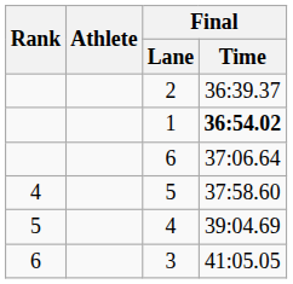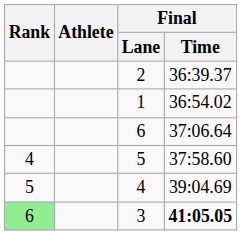 <table class="wikitable sortable"  style="text-align:center">
 <tr>
 <th rowspan="2" data-sort-type=number>Rank</th>
 <th rowspan="2">Athlete</th>
 <th colspan="2">Final</th>
 </tr>
 <tr>
 <th>Lane</th>
 <th>Time</th>
 </tr>
 <tr>
 <td></td>
 <td align="left"></td>
 <td>2</td>
 <td>36:39.37</td>
 </tr>
 <tr>
 <td></td>
 <td align="left"></td>
 <td>1</td>
-<td><strong>36:54.02</strong></td>
+<td>36:54.02</td>
 </tr>
 <tr>
 <td></td>
 <td align="left"></td>
 <td>6</td>
 <td>37:06.64</td>
 </tr>
 <tr>
 <td>4</td>
 <td align="left"></td>
 <td>5</td>
 <td>37:58.60</td>
 </tr>
 <tr>
 <td>5</td>
 <td align="left"></td>
 <td>4</td>
 <td>39:04.69</td>
 </tr>
 <tr>
-<td>6</td>
+<td style="background: lightgreen;">6</td>
 <td align="left"></td>
 <td>3</td>
-<td>41:05.05</td>
+<td><strong>41:05.05</strong></td>
 </tr>
 </table>
